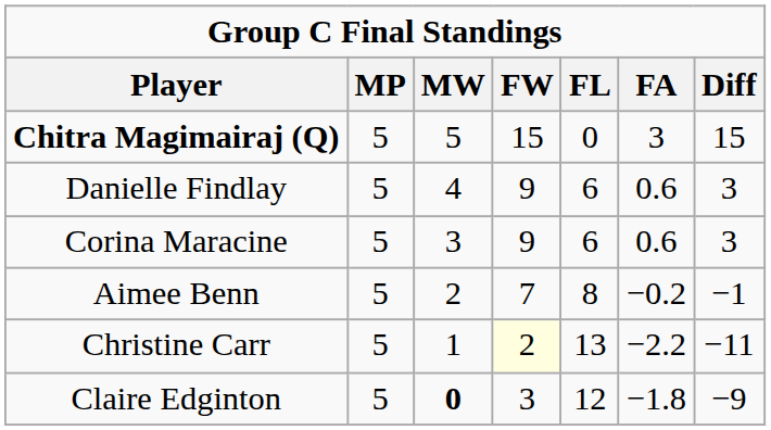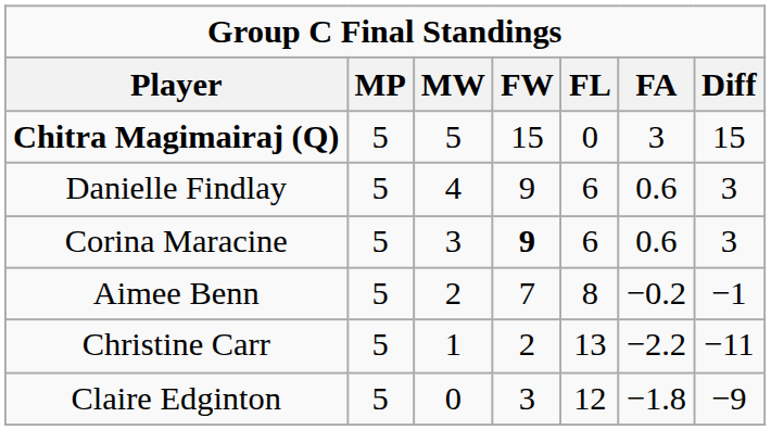 <table class="wikitable" style="text-align: center; display: inline-table;">
 <tr>
 <td colspan="7"><strong>Group C Final Standings</strong></td>
 </tr>
 <tr>
 <th>Player</th>
 <th>MP</th>
 <th>MW</th>
 <th>FW</th>
 <th>FL</th>
 <th>FA</th>
 <th>Diff</th>
 </tr>
 <tr>
 <td> <strong>Chitra Magimairaj (Q)</strong></td>
 <td>5</td>
 <td>5</td>
 <td>15</td>
 <td>0</td>
 <td>3</td>
 <td>15</td>
 </tr>
 <tr>
 <td> Danielle Findlay</td>
 <td>5</td>
 <td>4</td>
 <td>9</td>
 <td>6</td>
 <td>0.6</td>
 <td>3</td>
 </tr>
 <tr>
 <td> Corina Maracine</td>
 <td>5</td>
 <td>3</td>
-<td>9</td>
+<td><strong>9</strong></td>
 <td>6</td>
 <td>0.6</td>
 <td>3</td>
 </tr>
 <tr>
 <td> Aimee Benn</td>
 <td>5</td>
 <td>2</td>
 <td>7</td>
 <td>8</td>
 <td>−0.2</td>
 <td>−1</td>
 </tr>
 <tr>
 <td> Christine Carr</td>
 <td>5</td>
 <td>1</td>
-<td style="background: lightyellow;">2</td>
+<td>2</td>
 <td>13</td>
 <td>−2.2</td>
 <td>−11</td>
 </tr>
 <tr>
 <td> Claire Edginton</td>
 <td>5</td>
-<td><strong>0</strong></td>
+<td>0</td>
 <td>3</td>
 <td>12</td>
 <td>−1.8</td>
 <td>−9</td>
 </tr>
 </table>
